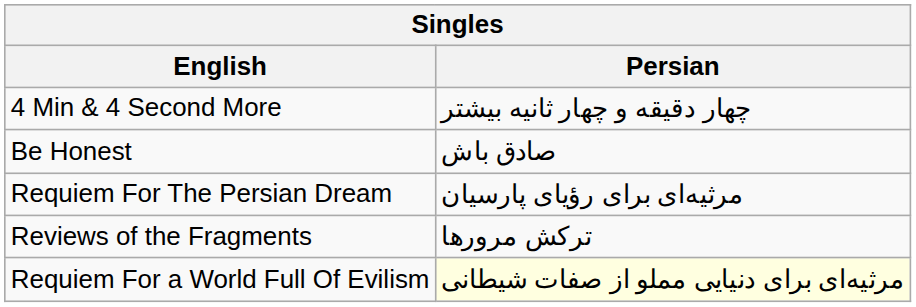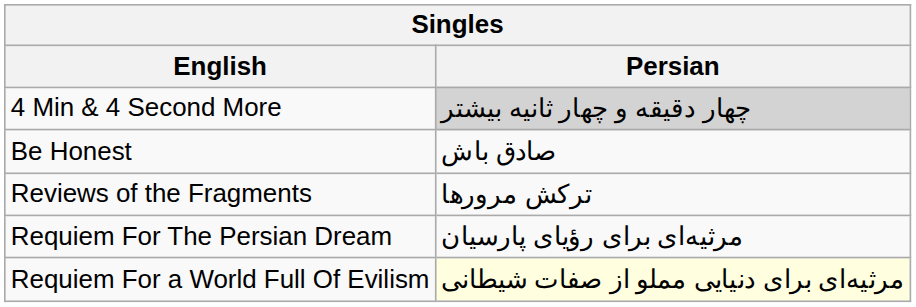 <table class="wikitable">
 <tr style="text-align:center;">
 <th colspan="2">Singles</th>
 </tr>
 <tr style="text-align:center;">
 <th>English</th>
 <th>Persian</th>
 </tr>
 <tr>
 <td>4 Min & 4 Second More</td>
-<td>چهار دقیقه و چهار ثانیه بیشتر</td>
+<td style="background: lightgrey;">چهار دقیقه و چهار ثانیه بیشتر</td>
 </tr>
 <tr>
 <td>Be Honest</td>
 <td>صادق باش</td>
 </tr>
 <tr>
+<td>Reviews of the Fragments</td>
+<td>ترکش مرورها</td>
+</tr>
+<tr>
 <td>Requiem For The Persian Dream</td>
 <td>مرثیه‌ای برای رؤیای پارسیان</td>
-</tr>
-<tr>
-<td>Reviews of the Fragments</td>
-<td>ترکش مرورها</td>
 </tr>
 <tr>
 <td>Requiem For a World Full Of Evilism</td>
 <td style="background: lightyellow;">مرثیه‌ای برای دنیایی مملو از صفات شیطانی</td>
 </tr>
 </table>
